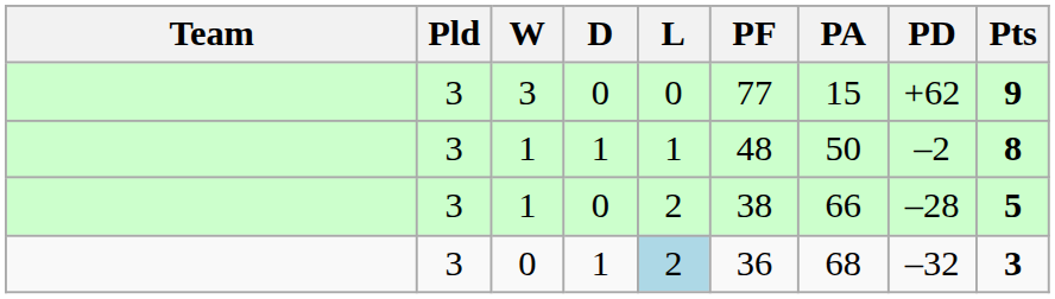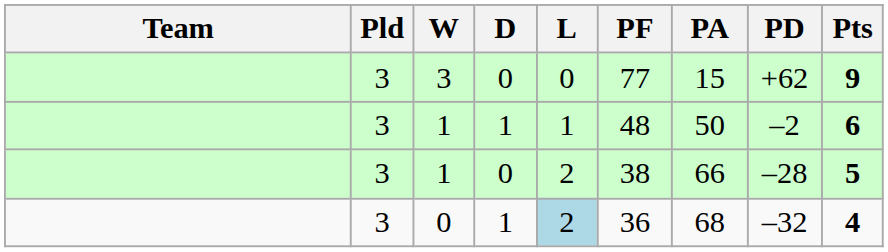 <table class="wikitable" style="text-align:center;">
 <tr>
 <th width=175>Team</th>
 <th width=25 abbr="Played">Pld</th>
 <th width=25 abbr="Won">W</th>
 <th width=25 abbr="Drawn">D</th>
 <th width=25 abbr="Lost">L</th>
 <th width=32 abbr="Points for">PF</th>
 <th width=32 abbr="Points against">PA</th>
 <th width=32 abbr="Points difference">PD</th>
 <th width=25 abbr="Points">Pts</th>
 </tr>
 <tr bgcolor=ccffcc>
 <td align=left></td>
 <td>3</td>
 <td>3</td>
 <td>0</td>
 <td>0</td>
 <td>77</td>
 <td>15</td>
 <td>+62</td>
 <td><strong>9</strong></td>
 </tr>
 <tr bgcolor=ccffcc>
 <td align=left></td>
 <td>3</td>
 <td>1</td>
 <td>1</td>
 <td>1</td>
 <td>48</td>
 <td>50</td>
 <td>–2</td>
-<td><strong>8</strong></td>
+<td><strong>6</strong></td>
 </tr>
 <tr bgcolor=ccffcc>
 <td align=left></td>
 <td>3</td>
 <td>1</td>
 <td>0</td>
 <td>2</td>
 <td>38</td>
 <td>66</td>
 <td>–28</td>
 <td><strong>5</strong></td>
 </tr>
 <tr>
 <td align=left></td>
 <td>3</td>
 <td>0</td>
 <td>1</td>
 <td style="background: lightblue;">2</td>
 <td>36</td>
 <td>68</td>
 <td>–32</td>
-<td><strong>3</strong></td>
+<td><strong>4</strong></td>
 </tr>
 </table>
